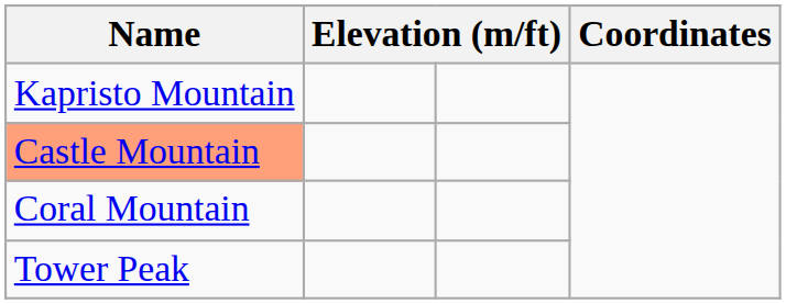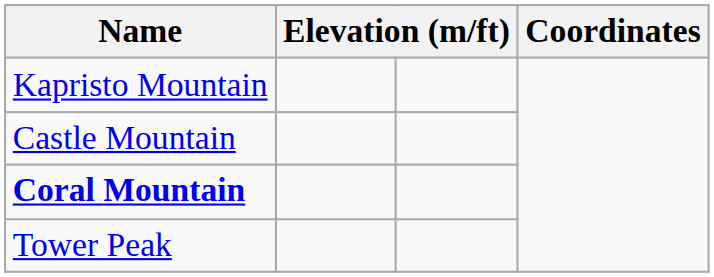 <table class="wikitable sortable">
 <tr>
 <th>Name</th>
 <th colspan=2>Elevation (m/ft)</th>
 <th>Coordinates</th>
 </tr>
 <tr>
 <td><a href='#'>Kapristo Mountain</a></td>
 <td></td>
 <td></td>
 </tr>
 <tr>
-<td style="background: lightsalmon;"><a href='#'>Castle Mountain</a></td>
+<td><a href='#'>Castle Mountain</a></td>
 <td></td>
 <td></td>
 </tr>
 <tr>
-<td><a href='#'>Coral Mountain</a></td>
+<td><strong><a href='#'>Coral Mountain</a></strong></td>
 <td></td>
 <td></td>
 </tr>
 <tr>
 <td><a href='#'>Tower Peak</a></td>
 <td></td>
 <td></td>
 </tr>
 </table>
